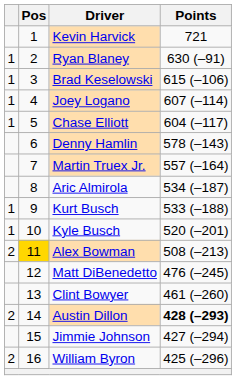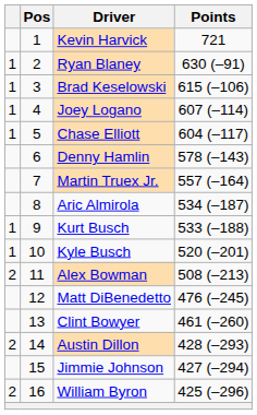 <table class="wikitable" style="font-size: 95%;">
 <tr>
 <th></th>
 <th>Pos</th>
 <th>Driver</th>
 <th>Points</th>
 </tr>
 <tr>
 <td align="left"></td>
 <td style="text-align:center;">1</td>
 <td style="background:#FFDEAD;"><a href='#'>Kevin Harvick</a></td>
 <td style="text-align:center;">721</td>
 </tr>
 <tr>
 <td align="left"> 1</td>
 <td style="text-align:center;">2</td>
 <td style="background:#FFDEAD;"><a href='#'>Ryan Blaney</a></td>
 <td style="text-align:center;">630 (–91)</td>
 </tr>
 <tr>
 <td align="left"> 1</td>
 <td style="text-align:center;">3</td>
 <td style="background:#FFDEAD;"><a href='#'>Brad Keselowski</a></td>
 <td style="text-align:center;">615 (–106)</td>
 </tr>
 <tr>
 <td align="left"> 1</td>
 <td style="text-align:center;">4</td>
 <td style="background:#FFDEAD;"><a href='#'>Joey Logano</a></td>
 <td style="text-align:center;">607 (–114)</td>
 </tr>
 <tr>
 <td align="left"> 1</td>
 <td style="text-align:center;">5</td>
 <td style="background:#FFDEAD;"><a href='#'>Chase Elliott</a></td>
 <td style="text-align:center;">604 (–117)</td>
 </tr>
 <tr>
 <td align="left"></td>
 <td style="text-align:center;">6</td>
 <td style="background:#FFDEAD;"><a href='#'>Denny Hamlin</a></td>
 <td style="text-align:center;">578 (–143)</td>
 </tr>
 <tr>
 <td align="left"></td>
 <td style="text-align:center;">7</td>
 <td style="background:#FFDEAD;"><a href='#'>Martin Truex Jr.</a></td>
 <td style="text-align:center;">557 (–164)</td>
 </tr>
 <tr>
 <td align="left"></td>
 <td style="text-align:center;">8</td>
 <td><a href='#'>Aric Almirola</a></td>
 <td style="text-align:center;">534 (–187)</td>
 </tr>
 <tr>
 <td align="left"> 1</td>
 <td style="text-align:center;">9</td>
 <td><a href='#'>Kurt Busch</a></td>
 <td style="text-align:center;">533 (–188)</td>
 </tr>
 <tr>
 <td align="left"> 1</td>
 <td style="text-align:center;">10</td>
 <td><a href='#'>Kyle Busch</a></td>
 <td style="text-align:center;">520 (–201)</td>
 </tr>
 <tr>
 <td align="left"> 2</td>
-<td style="background: gold; text-align:center;">11</td>
+<td style="text-align:center;">11</td>
 <td style="background:#FFDEAD;"><a href='#'>Alex Bowman</a></td>
 <td style="text-align:center;">508 (–213)</td>
 </tr>
 <tr>
 <td align="left"></td>
 <td style="text-align:center;">12</td>
 <td><a href='#'>Matt DiBenedetto</a></td>
 <td style="text-align:center;">476 (–245)</td>
 </tr>
 <tr>
 <td align="left"></td>
 <td style="text-align:center;">13</td>
 <td><a href='#'>Clint Bowyer</a></td>
 <td style="text-align:center;">461 (–260)</td>
 </tr>
 <tr>
 <td align="left"> 2</td>
 <td style="text-align:center;">14</td>
 <td style="background:#FFDEAD;"><a href='#'>Austin Dillon</a></td>
-<td style="text-align:center;"><strong>428 (–293)</strong></td>
+<td style="text-align:center;">428 (–293)</td>
 </tr>
 <tr>
 <td align="left"></td>
 <td style="text-align:center;">15</td>
 <td><a href='#'>Jimmie Johnson</a></td>
 <td style="text-align:center;">427 (–294)</td>
 </tr>
 <tr>
 <td align="left"> 2</td>
 <td style="text-align:center;">16</td>
 <td><a href='#'>William Byron</a></td>
 <td style="text-align:center;">425 (–296)</td>
 </tr>
 <tr class="sortbottom">
 <th colspan="9"></th>
 </tr>
 </table>
